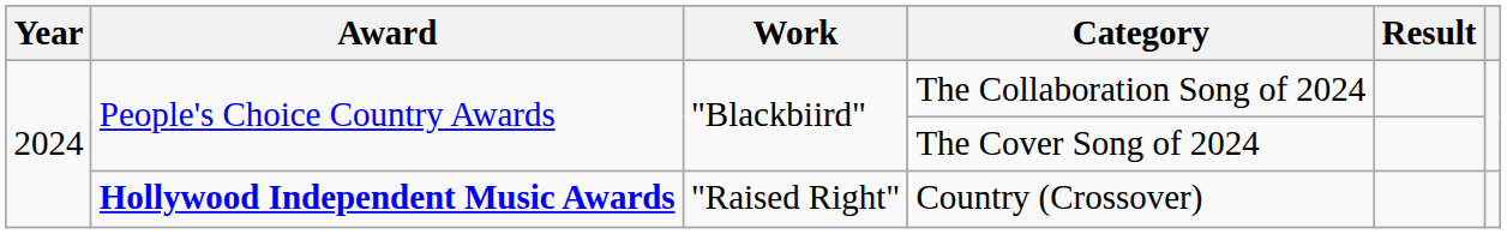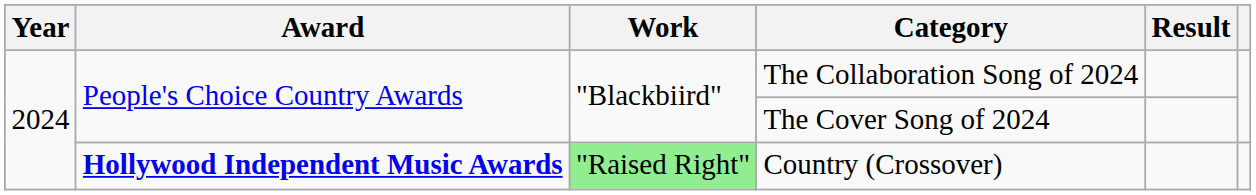 <table class="wikitable">
 <tr>
 <th scope="col">Year</th>
 <th scope="col">Award</th>
 <th scope="col">Work</th>
 <th scope="col">Category</th>
 <th scope="col">Result</th>
 <th scope="col"></th>
 </tr>
 <tr>
 <td rowspan="3">2024</td>
 <td rowspan=2><a href='#'>People's Choice Country Awards</a></td>
 <td rowspan=2>"Blackbiird" </td>
 <td>The Collaboration Song of 2024</td>
 <td></td>
 <td rowspan=2 align="center"></td>
 </tr>
 <tr>
 <td>The Cover Song of 2024</td>
 <td></td>
 </tr>
 <tr>
 <td><strong><a href='#'>Hollywood Independent Music Awards</a></strong></td>
-<td>"Raised Right"</td>
+<td style="background: lightgreen;">"Raised Right"</td>
 <td>Country (Crossover)</td>
 <td></td>
 <td></td>
 </tr>
 </table>
